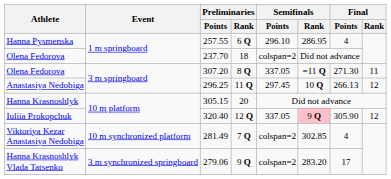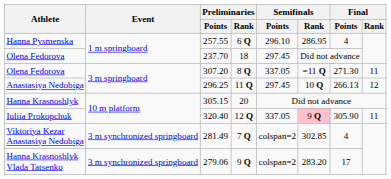 <table class=wikitable style="font-size:90%;">
 <tr>
 <th rowspan="2">Athlete</th>
 <th rowspan="2">Event</th>
 <th colspan="2">Preliminaries</th>
 <th colspan="2">Semifinals</th>
 <th colspan="2">Final</th>
 </tr>
 <tr style="font-size:95%">
 <th>Points</th>
 <th>Rank</th>
 <th>Points</th>
 <th>Rank</th>
 <th>Points</th>
 <th>Rank</th>
 </tr>
 <tr align=center>
 <td align=left><a href='#'>Hanna Pysmenska</a></td>
 <td align=left rowspan=2><a href='#'>1 m springboard</a></td>
 <td>257.55</td>
 <td>6 <strong>Q</strong></td>
 <td>296.10</td>
 <td>286.95</td>
 <td>4</td>
 </tr>
 <tr align=center>
 <td align=left><a href='#'>Olena Fedorova</a></td>
 <td>237.70</td>
 <td>18</td>
-<td>colspan=2 </td>
+<td>297.45</td>
 <td colspan=2>Did not advance</td>
 </tr>
 <tr align=center>
 <td align=left><a href='#'>Olena Fedorova</a></td>
 <td align=left rowspan=2><a href='#'>3 m springboard</a></td>
 <td>307.20</td>
 <td>8 <strong>Q</strong></td>
 <td>337.05</td>
 <td>=11 <strong>Q</strong></td>
 <td>271.30</td>
 <td>11</td>
 </tr>
 <tr align=center>
 <td align=left><a href='#'>Anastasiya Nedobiga</a></td>
 <td>296.25</td>
 <td>11 <strong>Q</strong></td>
 <td>297.45</td>
 <td>10 <strong>Q</strong></td>
 <td>266.13</td>
 <td>12</td>
 </tr>
 <tr align=center>
 <td align=left><a href='#'>Hanna Krasnoshlyk</a></td>
 <td align=left rowspan=2><a href='#'>10 m platform</a></td>
 <td>305.15</td>
 <td>20</td>
 <td colspan=4>Did not advance</td>
 </tr>
 <tr align=center>
 <td align=left><a href='#'>Iuliia Prokopchuk</a></td>
 <td>320.40</td>
 <td>12 <strong>Q</strong></td>
 <td>337.05</td>
 <td style="background: pink;">9 <strong>Q</strong></td>
 <td>305.90</td>
-<td>12</td>
+<td>11</td>
 </tr>
 <tr align=center>
 <td align=left><a href='#'>Viktoriya Kezar</a><br><a href='#'>Anastasiya Nedobiga</a></td>
-<td align=left><a href='#'>10 m synchronized platform</a></td>
+<td align=left><a href='#'>3 m synchronized springboard</a></td>
 <td>281.49</td>
 <td>7 <strong>Q</strong></td>
 <td>colspan=2 </td>
 <td>302.85</td>
 <td>4</td>
 </tr>
 <tr align=center>
 <td align=left><a href='#'>Hanna Krasnoshlyk</a><br><a href='#'>Vlada Tatsenko</a></td>
 <td align=left><a href='#'>3 m synchronized springboard</a></td>
 <td>279.06</td>
 <td>9 <strong>Q</strong></td>
 <td>colspan=2 </td>
 <td>283.20</td>
 <td>17</td>
 </tr>
 </table>
